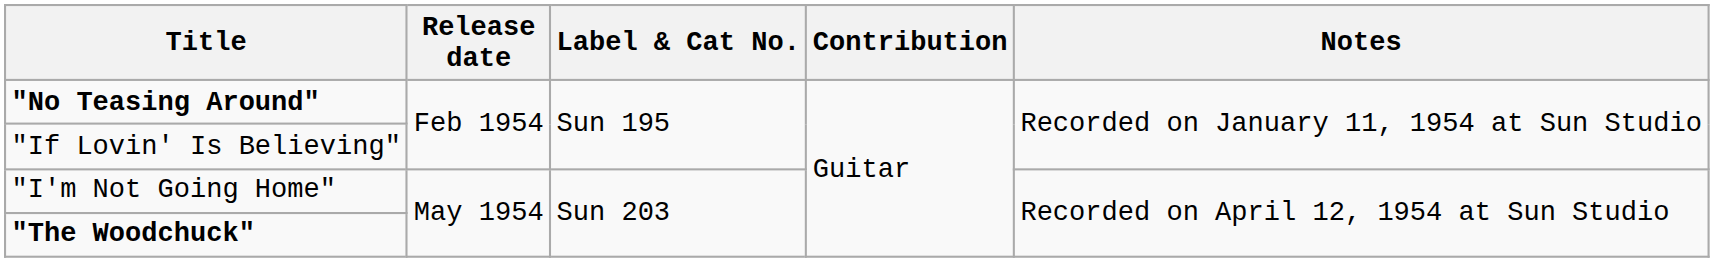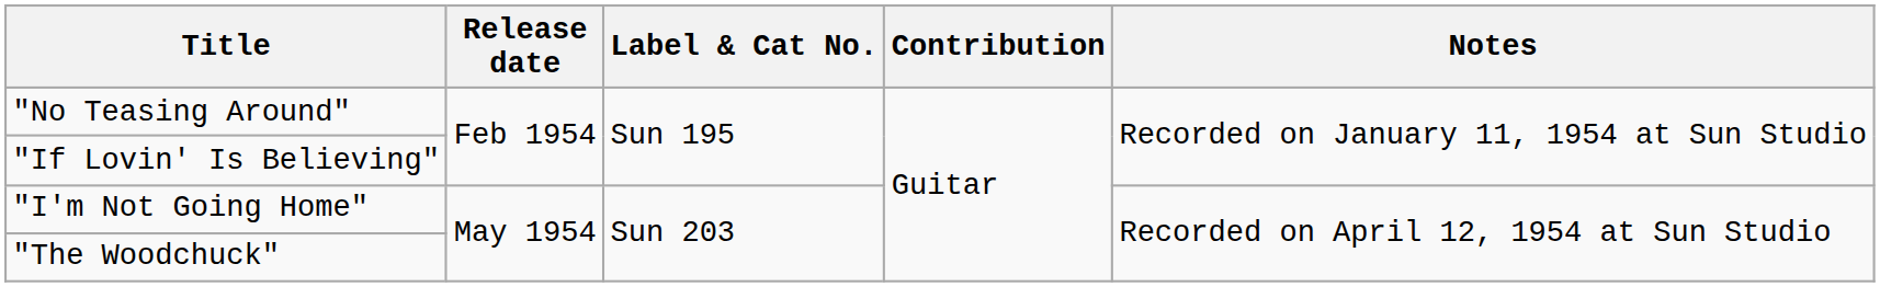 <table class="wikitable">
 <tr>
 <th>Title</th>
 <th>Release<br>date</th>
 <th>Label & Cat No.</th>
 <th>Contribution</th>
 <th>Notes</th>
 </tr>
 <tr>
-<td><strong>"No Teasing Around"</strong></td>
+<td>"No Teasing Around"</td>
 <td rowspan="2">Feb 1954</td>
 <td rowspan="2">Sun 195</td>
 <td rowspan="4">Guitar</td>
 <td rowspan="2">Recorded on January 11, 1954 at Sun Studio</td>
 </tr>
 <tr>
 <td>"If Lovin' Is Believing"</td>
 </tr>
 <tr>
 <td>"I'm Not Going Home"</td>
 <td rowspan="2">May 1954</td>
 <td rowspan="2">Sun 203</td>
 <td rowspan="2">Recorded on April 12, 1954 at Sun Studio</td>
 </tr>
 <tr>
-<td><strong>"The Woodchuck"</strong></td>
+<td>"The Woodchuck"</td>
 </tr>
 </table>
